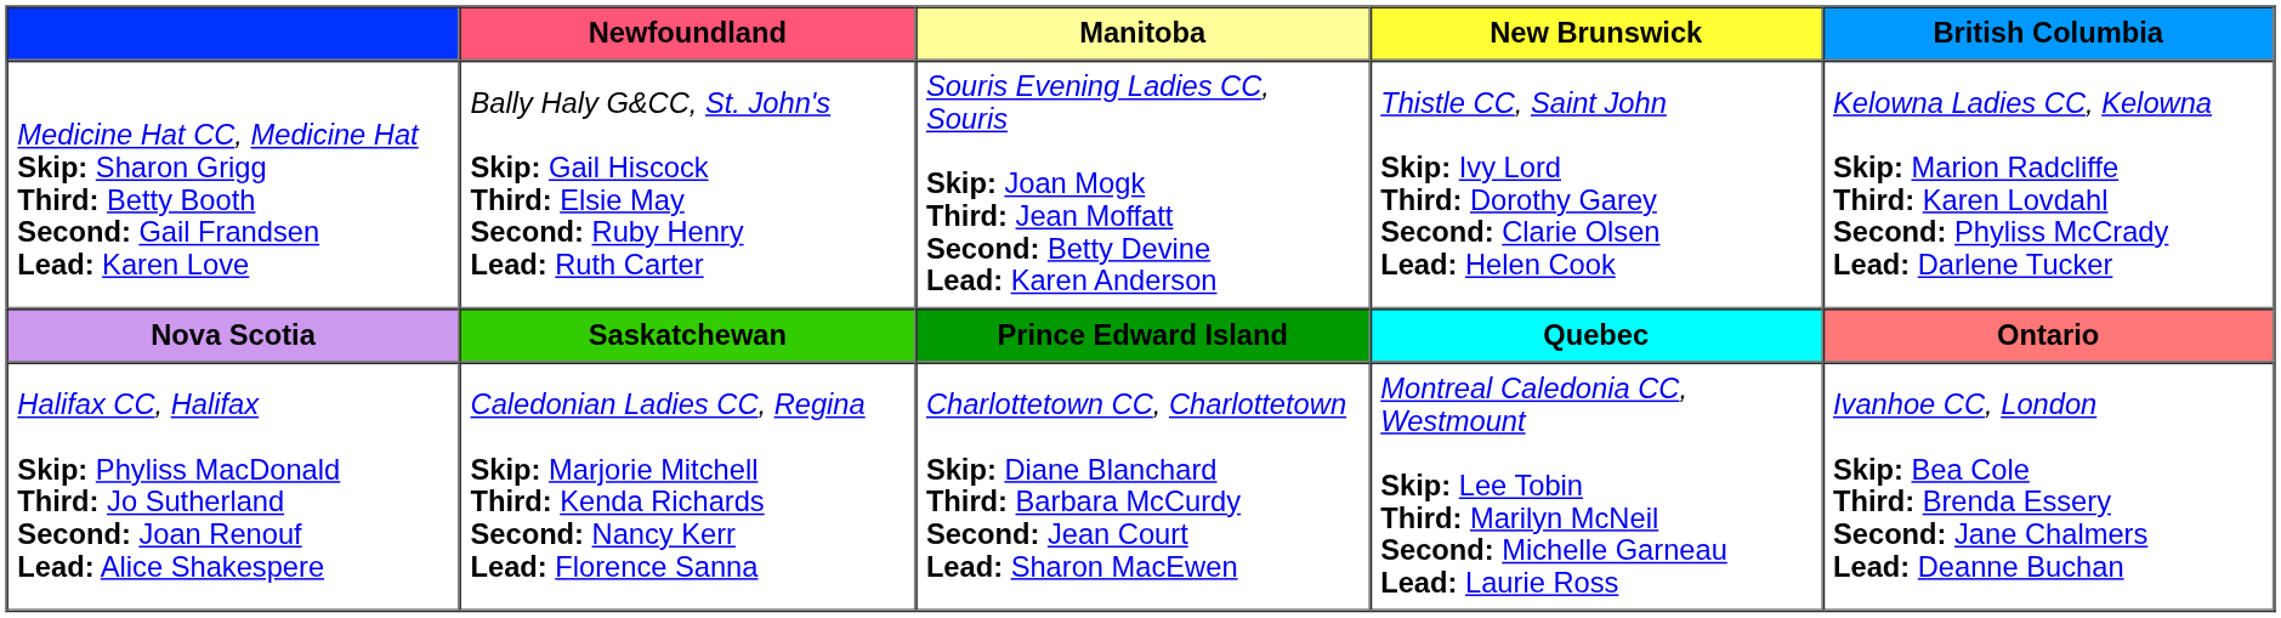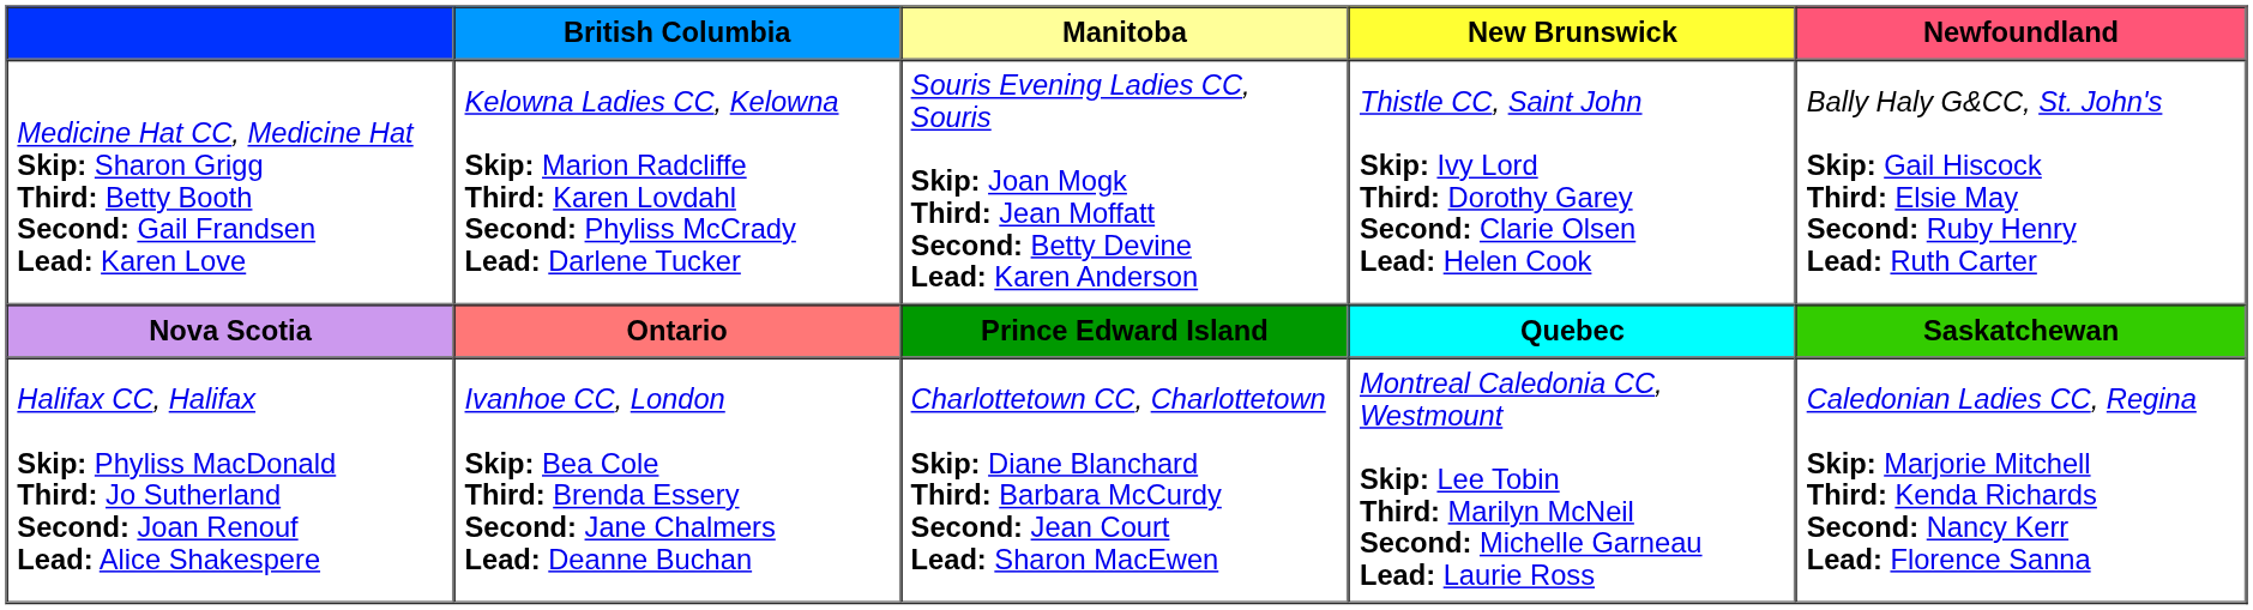 <table border=1 cellpadding=5 cellspacing=0>
 <tr>
 <th bgcolor="#0033ff" width="250"></th>
-<th bgcolor="#ff5577" width="250">Newfoundland</th>
+<th bgcolor="#0099ff" width="250">British Columbia</th>
 <th bgcolor="#ffff99" width="250">Manitoba</th>
 <th bgcolor="#ffff33" width="250">New Brunswick</th>
-<th bgcolor="#0099ff" width="250">British Columbia</th>
+<th bgcolor="#ff5577" width="250">Newfoundland</th>
 </tr>
 <tr align=center>
 <td align=left><br><em><a href='#'>Medicine Hat CC</a>, <a href='#'>Medicine Hat</a></em> <br> <strong>Skip:</strong>  <a href='#'>Sharon Grigg</a><br> <strong>Third:</strong>  <a href='#'>Betty Booth</a><br> <strong>Second:</strong>  <a href='#'>Gail Frandsen</a><br> <strong>Lead:</strong> <a href='#'>Karen Love</a><br></td>
-<td align=left><em>Bally Haly G&CC, <a href='#'>St. John's</a></em> <br><br><strong>Skip:</strong>  <a href='#'>Gail Hiscock</a> <br> <strong>Third:</strong> <a href='#'>Elsie May</a><br> <strong>Second:</strong> <a href='#'>Ruby Henry</a><br> <strong>Lead:</strong> <a href='#'>Ruth Carter</a><br></td>
+<td align=left><em><a href='#'>Kelowna Ladies CC</a>, <a href='#'>Kelowna</a></em><br><br><strong>Skip:</strong>  <a href='#'>Marion Radcliffe</a><br> <strong>Third:</strong> <a href='#'>Karen Lovdahl</a><br> <strong>Second:</strong> <a href='#'>Phyliss McCrady</a><br> <strong>Lead:</strong> <a href='#'>Darlene Tucker</a><br></td>
 <td align=left><em><a href='#'>Souris Evening Ladies CC</a>, <a href='#'>Souris</a></em><br><br><strong>Skip:</strong> <a href='#'>Joan Mogk</a> <br> <strong>Third:</strong> <a href='#'>Jean Moffatt</a><br> <strong>Second:</strong> <a href='#'>Betty Devine</a><br> <strong>Lead:</strong> <a href='#'>Karen Anderson</a><br></td>
 <td align=left><em><a href='#'>Thistle CC</a>, <a href='#'>Saint John</a></em> <br><br><strong>Skip:</strong>  <a href='#'>Ivy Lord</a><br> <strong>Third:</strong> <a href='#'>Dorothy Garey</a><br> <strong>Second:</strong> <a href='#'>Clarie Olsen</a><br> <strong>Lead:</strong> <a href='#'>Helen Cook</a><br></td>
-<td align=left><em><a href='#'>Kelowna Ladies CC</a>, <a href='#'>Kelowna</a></em><br><br><strong>Skip:</strong>  <a href='#'>Marion Radcliffe</a><br> <strong>Third:</strong> <a href='#'>Karen Lovdahl</a><br> <strong>Second:</strong> <a href='#'>Phyliss McCrady</a><br> <strong>Lead:</strong> <a href='#'>Darlene Tucker</a><br></td>
+<td align=left><em>Bally Haly G&CC, <a href='#'>St. John's</a></em> <br><br><strong>Skip:</strong>  <a href='#'>Gail Hiscock</a> <br> <strong>Third:</strong> <a href='#'>Elsie May</a><br> <strong>Second:</strong> <a href='#'>Ruby Henry</a><br> <strong>Lead:</strong> <a href='#'>Ruth Carter</a><br></td>
 </tr>
 <tr border=1 cellpadding=5 cellspacing=0>
 <th bgcolor="#cc99ee" width="250">Nova Scotia</th>
-<th bgcolor="#33cc00" width="250">Saskatchewan</th>
+<th bgcolor="#ff7777" width="250">Ontario</th>
 <th bgcolor="#009900" width="250">Prince Edward Island</th>
 <th bgcolor="#00ffff" width="250">Quebec</th>
-<th bgcolor="#ff7777" width="250">Ontario</th>
+<th bgcolor="#33cc00" width="250">Saskatchewan</th>
 </tr>
 <tr align=center>
 <td align=left><em><a href='#'>Halifax CC</a>, <a href='#'>Halifax</a></em><br><br><strong>Skip:</strong>  <a href='#'>Phyliss MacDonald</a><br> <strong>Third:</strong> <a href='#'>Jo Sutherland</a><br> <strong>Second:</strong> <a href='#'>Joan Renouf</a> <br> <strong>Lead:</strong> <a href='#'>Alice Shakespere</a><br></td>
-<td align=left><em><a href='#'>Caledonian Ladies CC</a>, <a href='#'>Regina</a></em><br><br><strong>Skip:</strong>  <a href='#'>Marjorie Mitchell</a><br> <strong>Third:</strong> <a href='#'>Kenda Richards</a><br> <strong>Second:</strong> <a href='#'>Nancy Kerr</a><br> <strong>Lead:</strong> <a href='#'>Florence Sanna</a><br></td>
+<td align=left><em><a href='#'>Ivanhoe CC</a>, <a href='#'>London</a></em> <br><br><strong>Skip:</strong>  <a href='#'>Bea Cole</a><br> <strong>Third:</strong> <a href='#'>Brenda Essery</a><br> <strong>Second:</strong> <a href='#'>Jane Chalmers</a><br> <strong>Lead:</strong> <a href='#'>Deanne Buchan</a><br></td>
 <td align=left><em><a href='#'>Charlottetown CC</a>, <a href='#'>Charlottetown</a></em> <br><br><strong>Skip:</strong>  <a href='#'>Diane Blanchard</a><br> <strong>Third:</strong> <a href='#'>Barbara McCurdy</a><br> <strong>Second:</strong> <a href='#'>Jean Court</a><br> <strong>Lead:</strong> <a href='#'>Sharon MacEwen</a><br></td>
 <td align=left><em><a href='#'>Montreal Caledonia CC</a>, <a href='#'>Westmount</a></em><br><br><strong>Skip:</strong>  <a href='#'>Lee Tobin</a><br> <strong>Third:</strong> <a href='#'>Marilyn McNeil</a><br> <strong>Second:</strong> <a href='#'>Michelle Garneau</a><br> <strong>Lead:</strong> <a href='#'>Laurie Ross</a><br></td>
-<td align=left><em><a href='#'>Ivanhoe CC</a>, <a href='#'>London</a></em> <br><br><strong>Skip:</strong>  <a href='#'>Bea Cole</a><br> <strong>Third:</strong> <a href='#'>Brenda Essery</a><br> <strong>Second:</strong> <a href='#'>Jane Chalmers</a><br> <strong>Lead:</strong> <a href='#'>Deanne Buchan</a><br></td>
+<td align=left><em><a href='#'>Caledonian Ladies CC</a>, <a href='#'>Regina</a></em><br><br><strong>Skip:</strong>  <a href='#'>Marjorie Mitchell</a><br> <strong>Third:</strong> <a href='#'>Kenda Richards</a><br> <strong>Second:</strong> <a href='#'>Nancy Kerr</a><br> <strong>Lead:</strong> <a href='#'>Florence Sanna</a><br></td>
 </tr>
 </table>
